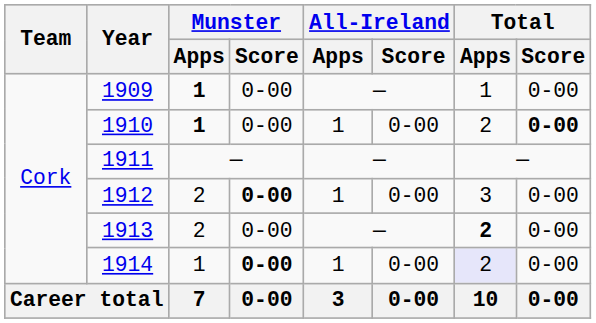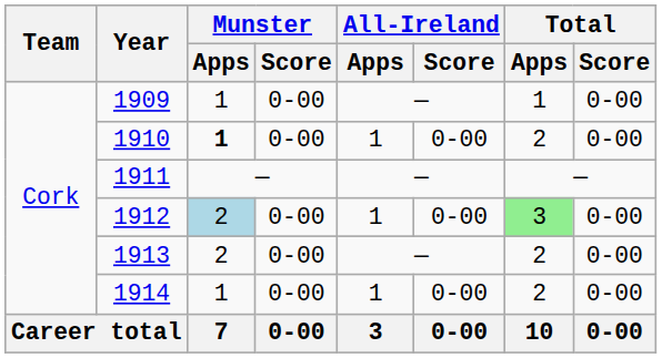 <table class="wikitable" style="text-align:center">
 <tr>
 <th rowspan="2">Team</th>
 <th rowspan="2">Year</th>
 <th colspan="2"><a href='#'>Munster</a></th>
 <th colspan="2"><a href='#'>All-Ireland</a></th>
 <th colspan="2">Total</th>
 </tr>
 <tr>
 <th>Apps</th>
 <th>Score</th>
 <th>Apps</th>
 <th>Score</th>
 <th>Apps</th>
 <th>Score</th>
 </tr>
 <tr>
 <td rowspan="6"><a href='#'>Cork</a></td>
 <td><a href='#'>1909</a></td>
-<td><strong>1</strong></td>
+<td>1</td>
 <td>0-00</td>
 <td colspan=2>—</td>
 <td>1</td>
 <td>0-00</td>
 </tr>
 <tr>
 <td><a href='#'>1910</a></td>
 <td><strong>1</strong></td>
 <td>0-00</td>
 <td>1</td>
 <td>0-00</td>
 <td>2</td>
-<td><strong>0-00</strong></td>
+<td>0-00</td>
 </tr>
 <tr>
 <td><a href='#'>1911</a></td>
 <td colspan=2>—</td>
 <td colspan=2>—</td>
 <td colspan=2>—</td>
 </tr>
 <tr>
 <td><a href='#'>1912</a></td>
-<td>2</td>
-<td><strong>0-00</strong></td>
+<td style="background: lightblue;">2</td>
+<td>0-00</td>
 <td>1</td>
 <td>0-00</td>
-<td>3</td>
+<td style="background: lightgreen;">3</td>
 <td>0-00</td>
 </tr>
 <tr>
 <td><a href='#'>1913</a></td>
 <td>2</td>
 <td>0-00</td>
 <td colspan=2>—</td>
-<td><strong>2</strong></td>
+<td>2</td>
 <td>0-00</td>
 </tr>
 <tr>
 <td><a href='#'>1914</a></td>
 <td>1</td>
-<td><strong>0-00</strong></td>
+<td>0-00</td>
 <td>1</td>
 <td>0-00</td>
-<td style="background: lavender;">2</td>
+<td>2</td>
 <td>0-00</td>
 </tr>
 <tr>
 <th colspan="2">Career total</th>
 <th>7</th>
 <th>0-00</th>
 <th>3</th>
 <th>0-00</th>
 <th>10</th>
 <th>0-00</th>
 </tr>
 </table>
